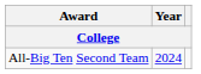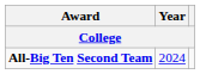 <table class="wikitable">
 <tr>
 <th>Award</th>
 <th>Year</th>
 <th></th>
 </tr>
 <tr>
 <th colspan="3"><a href='#'>College</a></th>
 </tr>
 <tr>
-<td>All-<a href='#'>Big Ten</a> <a href='#'>Second Team</a></td>
+<td><strong>All-<a href='#'>Big Ten</a> <a href='#'>Second Team</a></strong></td>
 <td><a href='#'>2024</a></td>
 <td></td>
 </tr>
 </table>
